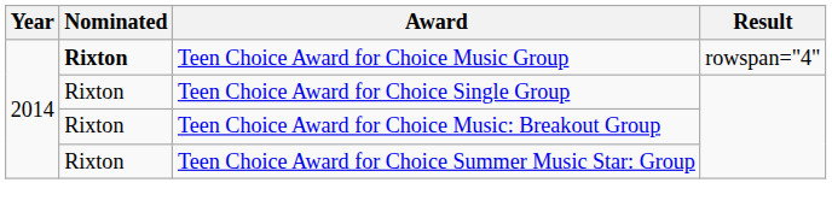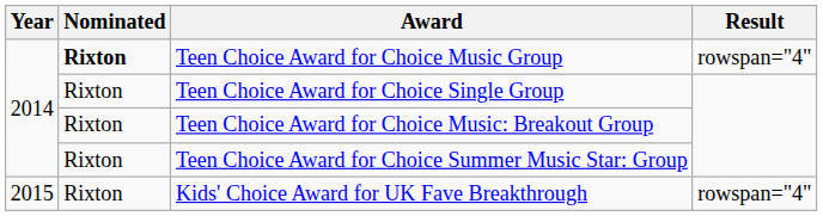 <table class="wikitable sortable">
 <tr>
 <th>Year</th>
 <th>Nominated</th>
 <th>Award</th>
 <th>Result</th>
 </tr>
 <tr>
 <td rowspan="4">2014</td>
 <td><strong>Rixton</strong></td>
 <td><a href='#'>Teen Choice Award for Choice Music Group</a></td>
 <td>rowspan="4" </td>
 </tr>
 <tr>
 <td>Rixton</td>
 <td><a href='#'>Teen Choice Award for Choice Single Group</a></td>
 </tr>
 <tr>
 <td>Rixton</td>
 <td><a href='#'>Teen Choice Award for Choice Music: Breakout Group</a></td>
 </tr>
 <tr>
 <td>Rixton</td>
 <td><a href='#'>Teen Choice Award for Choice Summer Music Star: Group</a></td>
 </tr>
+<tr>
+<td>2015</td>
+<td>Rixton</td>
+<td><a href='#'>Kids' Choice Award for UK Fave Breakthrough</a></td>
+<td>rowspan="4" </td>
+</tr>
 </table>
